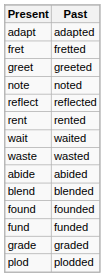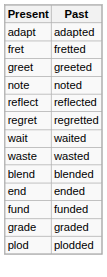 <table class="wikitable" style="display: inline-block">
 <tr>
 <th>Present</th>
 <th>Past</th>
 </tr>
 <tr>
 <td>adapt</td>
 <td>adapted</td>
 </tr>
 <tr>
 <td>fret</td>
 <td>fretted</td>
 </tr>
 <tr>
 <td>greet</td>
 <td>greeted</td>
 </tr>
 <tr>
 <td>note</td>
 <td>noted</td>
 </tr>
 <tr>
 <td>reflect</td>
 <td>reflected</td>
 </tr>
 <tr>
-<td>rent</td>
-<td>rented</td>
+<td>regret</td>
+<td>regretted</td>
 </tr>
 <tr>
 <td>wait</td>
 <td>waited</td>
 </tr>
 <tr>
 <td>waste</td>
 <td>wasted</td>
 </tr>
 <tr>
-<td>abide</td>
-<td>abided</td>
-</tr>
-<tr>
 <td>blend</td>
 <td>blended</td>
 </tr>
 <tr>
-<td>found</td>
-<td>founded</td>
+<td>end</td>
+<td>ended</td>
 </tr>
 <tr>
 <td>fund</td>
 <td>funded</td>
 </tr>
 <tr>
 <td>grade</td>
 <td>graded</td>
 </tr>
 <tr>
 <td>plod</td>
 <td>plodded</td>
 </tr>
 </table>
